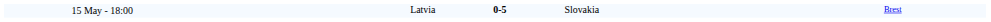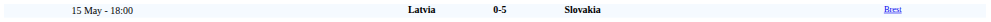 <table style="width: 100%; background:#F5FAFF;" cellspacing="0">
 <tr>
 <td align=center rowspan=3 width=20%>15 May - 18:00</td>
 </tr>
 <tr>
-<td width=24% align=right>Latvia</td>
+<td width=24% align=right><strong>Latvia</strong></td>
 <td align=center width=13%><strong>0-5</strong></td>
-<td width=24%>Slovakia</td>
+<td width=24%><strong>Slovakia</strong></td>
 <td style=font-size:85% rowspan=3 valign=top align=center><a href='#'>Brest</a></td>
 </tr>
 <tr style=font-size:85%>
 <td align=right valign=top></td>
 <td></td>
 <td></td>
 </tr>
 </table>
